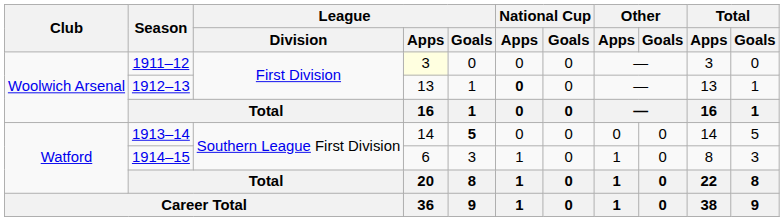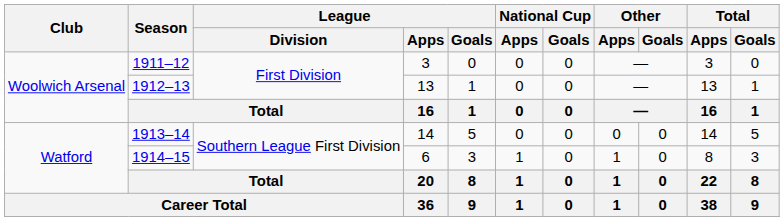 <table class="wikitable" style="text-align: center;">
 <tr>
 <th rowspan="2">Club</th>
 <th rowspan="2">Season</th>
 <th colspan="3">League</th>
 <th colspan="2">National Cup</th>
 <th colspan="2">Other</th>
 <th colspan="2">Total</th>
 </tr>
 <tr>
 <th>Division</th>
 <th>Apps</th>
 <th>Goals</th>
 <th>Apps</th>
 <th>Goals</th>
 <th>Apps</th>
 <th>Goals</th>
 <th>Apps</th>
 <th>Goals</th>
 </tr>
 <tr>
 <td rowspan="3"><a href='#'>Woolwich Arsenal</a></td>
 <td><a href='#'>1911–12</a></td>
 <td rowspan="2"><a href='#'>First Division</a></td>
-<td style="background: lightyellow;">3</td>
+<td>3</td>
 <td>0</td>
 <td>0</td>
 <td>0</td>
 <td colspan="2">—</td>
 <td>3</td>
 <td>0</td>
 </tr>
 <tr>
 <td><a href='#'>1912–13</a></td>
 <td>13</td>
 <td>1</td>
-<td><strong>0</strong></td>
+<td>0</td>
 <td>0</td>
 <td colspan="2">—</td>
 <td>13</td>
 <td>1</td>
 </tr>
 <tr>
 <th colspan="2">Total</th>
 <th>16</th>
 <th>1</th>
 <th>0</th>
 <th>0</th>
 <th colspan="2">—</th>
 <th>16</th>
 <th>1</th>
 </tr>
 <tr>
 <td rowspan="3"><a href='#'>Watford</a></td>
 <td><a href='#'>1913–14</a></td>
 <td rowspan="2"><a href='#'>Southern League</a> First Division</td>
 <td>14</td>
-<td><strong>5</strong></td>
+<td>5</td>
 <td>0</td>
 <td>0</td>
 <td>0</td>
 <td>0</td>
 <td>14</td>
 <td>5</td>
 </tr>
 <tr>
 <td><a href='#'>1914–15</a></td>
 <td>6</td>
 <td>3</td>
 <td>1</td>
 <td>0</td>
 <td>1</td>
 <td>0</td>
 <td>8</td>
 <td>3</td>
 </tr>
 <tr>
 <th colspan="2">Total</th>
 <th>20</th>
 <th>8</th>
 <th>1</th>
 <th>0</th>
 <th>1</th>
 <th>0</th>
 <th>22</th>
 <th>8</th>
 </tr>
 <tr>
 <th colspan="3">Career Total</th>
 <th>36</th>
 <th>9</th>
 <th>1</th>
 <th>0</th>
 <th>1</th>
 <th>0</th>
 <th>38</th>
 <th>9</th>
 </tr>
 </table>
